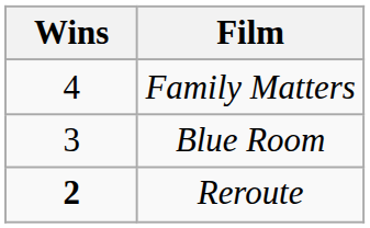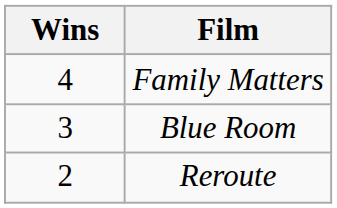 <table class="wikitable plainrowheaders" style="text-align: center; float:left; margin-right:1em;">
 <tr>
 <th scope="col" style="width:55px;">Wins</th>
 <th scope="col" style="text-align:center;">Film</th>
 </tr>
 <tr>
 <td>4</td>
 <td><em>Family Matters</em></td>
 </tr>
 <tr>
 <td>3</td>
 <td><em>Blue Room</em></td>
 </tr>
 <tr>
-<td><strong>2</strong></td>
+<td>2</td>
 <td><em>Reroute</em></td>
 </tr>
 </table>
